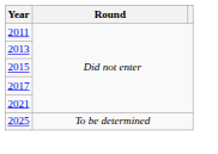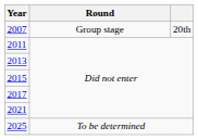 <table class="wikitable" style="text-align: center; font-size:90%">
 <tr>
 <th>Year</th>
 <th style="width:200px">Round</th>
 <th></th>
+</tr>
+<tr>
+<td><a href='#'>2007</a></td>
+<td>Group stage</td>
+<td>20th</td>
 </tr>
 <tr>
 <td><a href='#'>2011</a></td>
 <td colspan="2" rowspan="5"><em>Did not enter</em></td>
 </tr>
 <tr>
 <td><a href='#'>2013</a></td>
 </tr>
 <tr>
 <td><a href='#'>2015</a></td>
 </tr>
 <tr>
 <td><a href='#'>2017</a></td>
 </tr>
 <tr>
 <td><a href='#'>2021</a></td>
 </tr>
 <tr>
 <td><a href='#'>2025</a></td>
 <td colspan="2"><em>To be determined</em></td>
 </tr>
 </table>
